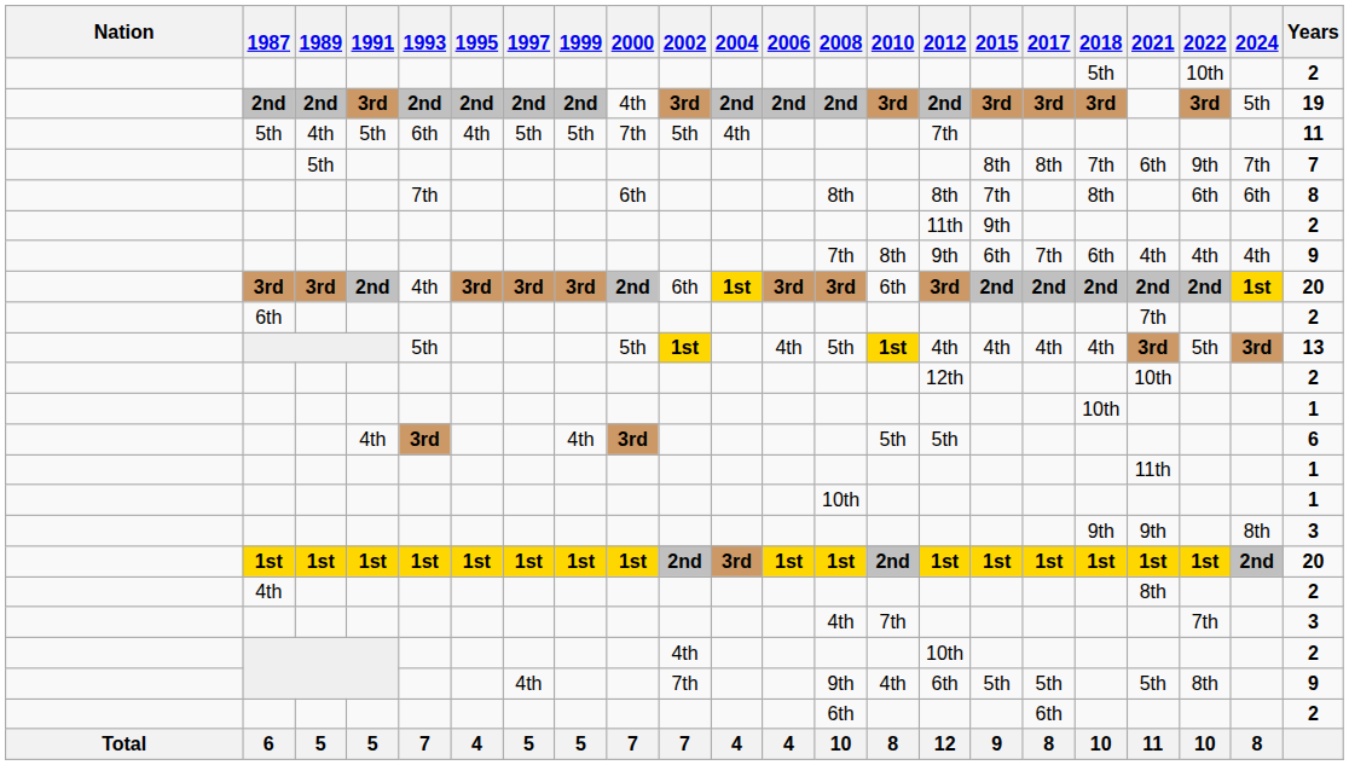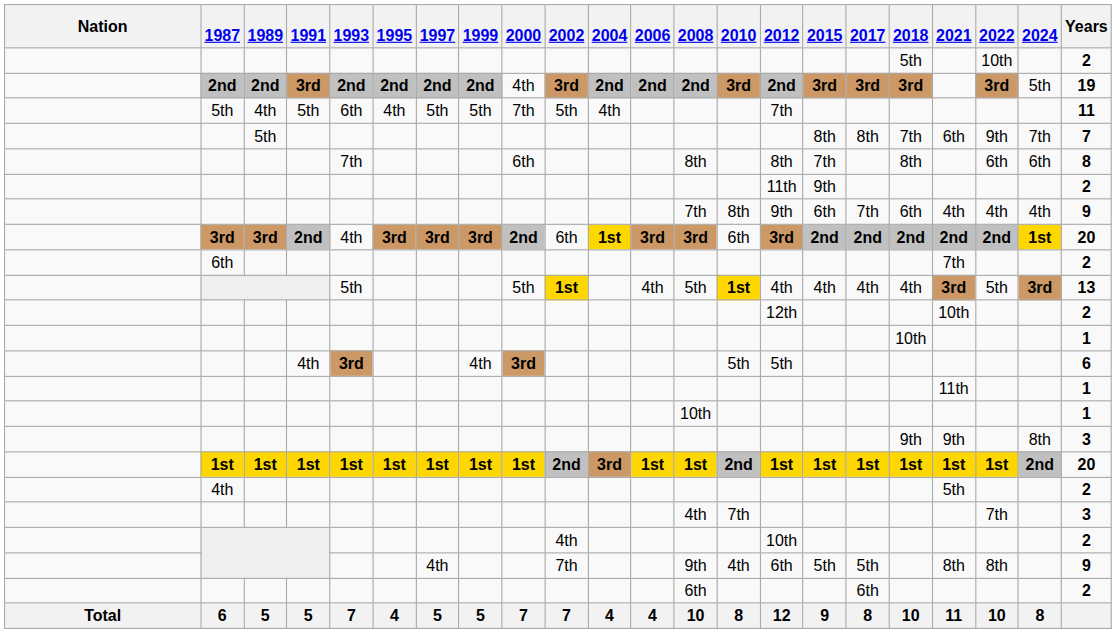 <table class="wikitable" style="text-align:center; font-size:90%">
 <tr>
 <th width=170>Nation</th>
 <th><br><a href='#'>1987</a></th>
 <th><br><a href='#'>1989</a></th>
 <th><br><a href='#'>1991</a></th>
 <th><br><a href='#'>1993</a></th>
 <th><br><a href='#'>1995</a></th>
 <th><br><a href='#'>1997</a></th>
 <th><br><a href='#'>1999</a></th>
 <th><br><a href='#'>2000</a></th>
 <th><br><a href='#'>2002</a></th>
 <th><br><a href='#'>2004</a></th>
 <th><br><a href='#'>2006</a></th>
 <th><br><a href='#'>2008</a></th>
 <th><br><a href='#'>2010</a></th>
 <th><br><a href='#'>2012</a></th>
 <th><br><a href='#'>2015</a></th>
 <th><br><a href='#'>2017</a></th>
 <th><br><a href='#'>2018</a></th>
 <th><br><a href='#'>2021</a></th>
 <th><br><a href='#'>2022</a></th>
 <th><br><a href='#'>2024</a></th>
 <th>Years</th>
 </tr>
 <tr>
 <td align=left></td>
 <td></td>
 <td></td>
 <td></td>
 <td></td>
 <td></td>
 <td></td>
 <td></td>
 <td></td>
 <td></td>
 <td></td>
 <td></td>
 <td></td>
 <td></td>
 <td></td>
 <td></td>
 <td></td>
 <td>5th</td>
 <td></td>
 <td>10th</td>
 <td></td>
 <td><strong>2</strong></td>
 </tr>
 <tr>
 <td align="left"></td>
 <td bgcolor="silver"><strong>2nd</strong></td>
 <td bgcolor="silver"><strong>2nd</strong></td>
 <td bgcolor="#cc9966"><strong>3rd</strong></td>
 <td bgcolor="silver"><strong>2nd</strong></td>
 <td bgcolor="silver"><strong>2nd</strong></td>
 <td bgcolor="silver"><strong>2nd</strong></td>
 <td bgcolor="silver"><strong>2nd</strong></td>
 <td>4th</td>
 <td bgcolor="#cc9966"><strong>3rd</strong></td>
 <td bgcolor="silver"><strong>2nd</strong></td>
 <td bgcolor="silver"><strong>2nd</strong></td>
 <td bgcolor="silver"><strong>2nd</strong></td>
 <td bgcolor="#cc9966"><strong>3rd</strong></td>
 <td bgcolor="silver"><strong>2nd</strong></td>
 <td bgcolor="#cc9966"><strong>3rd</strong></td>
 <td bgcolor="#cc9966"><strong>3rd</strong></td>
 <td bgcolor="cc9966"><strong>3rd</strong></td>
 <td></td>
 <td bgcolor="#cc9966"><strong>3rd</strong></td>
 <td>5th</td>
 <td><strong>19</strong></td>
 </tr>
 <tr>
 <td align="left"></td>
 <td>5th</td>
 <td>4th</td>
 <td>5th</td>
 <td>6th</td>
 <td>4th</td>
 <td>5th</td>
 <td>5th</td>
 <td>7th</td>
 <td>5th</td>
 <td>4th</td>
 <td></td>
 <td></td>
 <td></td>
 <td>7th</td>
 <td></td>
 <td></td>
 <td></td>
 <td></td>
 <td></td>
 <td></td>
 <td><strong>11</strong></td>
 </tr>
 <tr>
 <td align="left"></td>
 <td></td>
 <td>5th</td>
 <td></td>
 <td></td>
 <td></td>
 <td></td>
 <td></td>
 <td></td>
 <td></td>
 <td></td>
 <td></td>
 <td></td>
 <td></td>
 <td></td>
 <td>8th</td>
 <td>8th</td>
 <td>7th</td>
 <td>6th</td>
 <td>9th</td>
 <td>7th</td>
 <td><strong>7</strong></td>
 </tr>
 <tr>
 <td align="left"></td>
 <td></td>
 <td></td>
 <td></td>
 <td>7th</td>
 <td></td>
 <td></td>
 <td></td>
 <td>6th</td>
 <td></td>
 <td></td>
 <td></td>
 <td>8th</td>
 <td></td>
 <td>8th</td>
 <td>7th</td>
 <td></td>
 <td>8th</td>
 <td></td>
 <td>6th</td>
 <td>6th</td>
 <td><strong>8</strong></td>
 </tr>
 <tr>
 <td align="left"></td>
 <td></td>
 <td></td>
 <td></td>
 <td></td>
 <td></td>
 <td></td>
 <td></td>
 <td></td>
 <td></td>
 <td></td>
 <td></td>
 <td></td>
 <td></td>
 <td>11th</td>
 <td>9th</td>
 <td></td>
 <td></td>
 <td></td>
 <td></td>
 <td></td>
 <td><strong>2</strong></td>
 </tr>
 <tr>
 <td align="left"></td>
 <td></td>
 <td></td>
 <td></td>
 <td></td>
 <td></td>
 <td></td>
 <td></td>
 <td></td>
 <td></td>
 <td></td>
 <td></td>
 <td>7th</td>
 <td>8th</td>
 <td>9th</td>
 <td>6th</td>
 <td>7th</td>
 <td>6th</td>
 <td>4th</td>
 <td>4th</td>
 <td>4th</td>
 <td><strong>9</strong></td>
 </tr>
 <tr>
 <td align="left"></td>
 <td bgcolor="#cc9966"><strong>3rd</strong></td>
 <td bgcolor="#cc9966"><strong>3rd</strong></td>
 <td bgcolor="silver"><strong>2nd</strong></td>
 <td>4th</td>
 <td bgcolor="#cc9966"><strong>3rd</strong></td>
 <td bgcolor="#cc9966"><strong>3rd</strong></td>
 <td bgcolor="#cc9966"><strong>3rd</strong></td>
 <td bgcolor="silver"><strong>2nd</strong></td>
 <td>6th</td>
 <td bgcolor="gold"><strong>1st</strong></td>
 <td bgcolor="#cc9966"><strong>3rd</strong></td>
 <td bgcolor="#cc9966"><strong>3rd</strong></td>
 <td>6th</td>
 <td bgcolor="#cc9966"><strong>3rd</strong></td>
 <td bgcolor="silver"><strong>2nd</strong></td>
 <td bgcolor="silver"><strong>2nd</strong></td>
 <td bgcolor="silver"><strong>2nd</strong></td>
 <td bgcolor="silver"><strong>2nd</strong></td>
 <td bgcolor="silver"><strong>2nd</strong></td>
 <td bgcolor="gold"><strong>1st</strong></td>
 <td><strong>20</strong></td>
 </tr>
 <tr>
 <td align="left"></td>
 <td>6th</td>
 <td></td>
 <td></td>
 <td></td>
 <td></td>
 <td></td>
 <td></td>
 <td></td>
 <td></td>
 <td></td>
 <td></td>
 <td></td>
 <td></td>
 <td></td>
 <td></td>
 <td></td>
 <td></td>
 <td>7th</td>
 <td></td>
 <td></td>
 <td><strong>2</strong></td>
 </tr>
 <tr>
 <td align="left"></td>
 <td colspan=3 bgcolor=#efefef></td>
 <td>5th</td>
 <td></td>
 <td></td>
 <td></td>
 <td>5th</td>
 <td bgcolor="gold"><strong>1st</strong></td>
 <td></td>
 <td>4th</td>
 <td>5th</td>
 <td bgcolor="gold"><strong>1st</strong></td>
 <td>4th</td>
 <td>4th</td>
 <td>4th</td>
 <td>4th</td>
 <td bgcolor="#cc9966"><strong>3rd</strong></td>
 <td>5th</td>
 <td bgcolor="#cc9966"><strong>3rd</strong></td>
 <td><strong>13</strong></td>
 </tr>
 <tr>
 <td align="left"></td>
 <td></td>
 <td></td>
 <td></td>
 <td></td>
 <td></td>
 <td></td>
 <td></td>
 <td></td>
 <td></td>
 <td></td>
 <td></td>
 <td></td>
 <td></td>
 <td>12th</td>
 <td></td>
 <td></td>
 <td></td>
 <td>10th</td>
 <td></td>
 <td></td>
 <td><strong>2</strong></td>
 </tr>
 <tr>
 <td align=left></td>
 <td></td>
 <td></td>
 <td></td>
 <td></td>
 <td></td>
 <td></td>
 <td></td>
 <td></td>
 <td></td>
 <td></td>
 <td></td>
 <td></td>
 <td></td>
 <td></td>
 <td></td>
 <td></td>
 <td>10th</td>
 <td></td>
 <td></td>
 <td></td>
 <td><strong>1</strong></td>
 </tr>
 <tr>
 <td align="left"></td>
 <td></td>
 <td></td>
 <td>4th</td>
 <td bgcolor="#cc9966"><strong>3rd</strong></td>
 <td></td>
 <td></td>
 <td>4th</td>
 <td bgcolor="#cc9966"><strong>3rd</strong></td>
 <td></td>
 <td></td>
 <td></td>
 <td></td>
 <td>5th</td>
 <td>5th</td>
 <td></td>
 <td></td>
 <td></td>
 <td></td>
 <td></td>
 <td></td>
 <td><strong>6</strong></td>
 </tr>
 <tr>
 <td align="left"></td>
 <td></td>
 <td></td>
 <td></td>
 <td></td>
 <td></td>
 <td></td>
 <td></td>
 <td></td>
 <td></td>
 <td></td>
 <td></td>
 <td></td>
 <td></td>
 <td></td>
 <td></td>
 <td></td>
 <td></td>
 <td>11th</td>
 <td></td>
 <td></td>
 <td><strong>1</strong></td>
 </tr>
 <tr>
 <td align="left"></td>
 <td></td>
 <td></td>
 <td></td>
 <td></td>
 <td></td>
 <td></td>
 <td></td>
 <td></td>
 <td></td>
 <td></td>
 <td></td>
 <td>10th</td>
 <td></td>
 <td></td>
 <td></td>
 <td></td>
 <td></td>
 <td></td>
 <td></td>
 <td></td>
 <td><strong>1</strong></td>
 </tr>
 <tr>
 <td align=left></td>
 <td></td>
 <td></td>
 <td></td>
 <td></td>
 <td></td>
 <td></td>
 <td></td>
 <td></td>
 <td></td>
 <td></td>
 <td></td>
 <td></td>
 <td></td>
 <td></td>
 <td></td>
 <td></td>
 <td>9th</td>
 <td>9th</td>
 <td></td>
 <td>8th</td>
 <td><strong>3</strong></td>
 </tr>
 <tr>
 <td align="left"></td>
 <td bgcolor="gold"><strong>1st</strong></td>
 <td bgcolor="gold"><strong>1st</strong></td>
 <td bgcolor="gold"><strong>1st</strong></td>
 <td bgcolor="gold"><strong>1st</strong></td>
 <td bgcolor="gold"><strong>1st</strong></td>
 <td bgcolor="gold"><strong>1st</strong></td>
 <td bgcolor="gold"><strong>1st</strong></td>
 <td bgcolor="gold"><strong>1st</strong></td>
 <td bgcolor="silver"><strong>2nd</strong></td>
 <td bgcolor="#cc9966"><strong>3rd</strong></td>
 <td bgcolor="gold"><strong>1st</strong></td>
 <td bgcolor="gold"><strong>1st</strong></td>
 <td bgcolor="silver"><strong>2nd</strong></td>
 <td bgcolor="gold"><strong>1st</strong></td>
 <td bgcolor="gold"><strong>1st</strong></td>
 <td bgcolor="gold"><strong>1st</strong></td>
 <td bgcolor="gold"><strong>1st</strong></td>
 <td bgcolor="gold"><strong>1st</strong></td>
 <td bgcolor="gold"><strong>1st</strong></td>
 <td bgcolor="silver"><strong>2nd</strong></td>
 <td><strong>20</strong></td>
 </tr>
 <tr>
 <td align="left"></td>
 <td>4th</td>
 <td></td>
 <td></td>
 <td></td>
 <td></td>
 <td></td>
 <td></td>
 <td></td>
 <td></td>
 <td></td>
 <td></td>
 <td></td>
 <td></td>
 <td></td>
 <td></td>
 <td></td>
 <td></td>
-<td>8th</td>
+<td>5th</td>
 <td></td>
 <td></td>
 <td><strong>2</strong></td>
 </tr>
 <tr>
 <td align="left"></td>
 <td></td>
 <td></td>
 <td></td>
 <td></td>
 <td></td>
 <td></td>
 <td></td>
 <td></td>
 <td></td>
 <td></td>
 <td></td>
 <td>4th</td>
 <td>7th</td>
 <td></td>
 <td></td>
 <td></td>
 <td></td>
 <td></td>
 <td>7th</td>
 <td></td>
 <td><strong>3</strong></td>
 </tr>
 <tr>
 <td align="left"></td>
 <td colspan=3 rowspan=2 bgcolor=#efefef></td>
 <td></td>
 <td></td>
 <td></td>
 <td></td>
 <td></td>
 <td>4th</td>
 <td></td>
 <td></td>
 <td></td>
 <td></td>
 <td>10th</td>
 <td></td>
 <td></td>
 <td></td>
 <td></td>
 <td></td>
 <td></td>
 <td><strong>2</strong></td>
 </tr>
 <tr>
 <td align="left"></td>
 <td></td>
 <td></td>
 <td>4th</td>
 <td></td>
 <td></td>
 <td>7th</td>
 <td></td>
 <td></td>
 <td>9th</td>
 <td>4th</td>
 <td>6th</td>
 <td>5th</td>
 <td>5th</td>
 <td></td>
-<td>5th</td>
+<td>8th</td>
 <td>8th</td>
 <td></td>
 <td><strong>9</strong></td>
 </tr>
 <tr>
 <td align="left"></td>
 <td></td>
 <td></td>
 <td></td>
 <td></td>
 <td></td>
 <td></td>
 <td></td>
 <td></td>
 <td></td>
 <td></td>
 <td></td>
 <td>6th</td>
 <td></td>
 <td></td>
 <td></td>
 <td>6th</td>
 <td></td>
 <td></td>
 <td></td>
 <td></td>
 <td><strong>2</strong></td>
 </tr>
 <tr>
 <th>Total</th>
 <th>6</th>
 <th>5</th>
 <th>5</th>
 <th>7</th>
 <th>4</th>
 <th>5</th>
 <th>5</th>
 <th>7</th>
 <th>7</th>
 <th>4</th>
 <th>4</th>
 <th>10</th>
 <th>8</th>
 <th>12</th>
 <th>9</th>
 <th>8</th>
 <th>10</th>
 <th>11</th>
 <th>10</th>
 <th>8</th>
 <th></th>
 </tr>
 </table>
